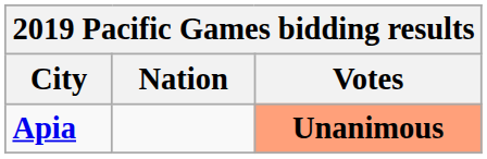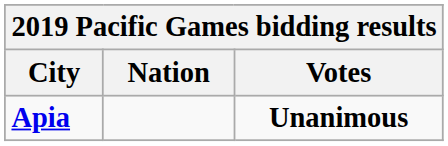 <table class="wikitable">
 <tr>
 <th colspan="7">2019 Pacific Games bidding results</th>
 </tr>
 <tr>
 <th>City</th>
 <th>Nation</th>
 <th>Votes</th>
 </tr>
 <tr>
 <td><strong><a href='#'>Apia</a></strong></td>
 <td><strong></strong></td>
-<td align=center style="background: lightsalmon;"><strong>Unanimous</strong></td>
+<td align=center><strong>Unanimous</strong></td>
 </tr>
 </table>
